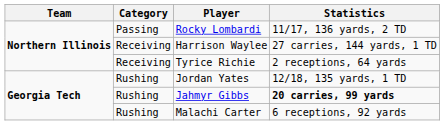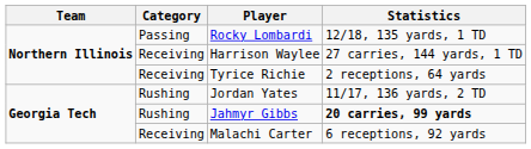 <table class="wikitable" style="float: right;">
 <tr>
 <th>Team</th>
 <th>Category</th>
 <th>Player</th>
 <th>Statistics</th>
 </tr>
 <tr>
 <td rowspan=3><strong>Northern Illinois</strong></td>
 <td>Passing</td>
 <td><a href='#'>Rocky Lombardi</a></td>
-<td>11/17, 136 yards, 2 TD</td>
+<td>12/18, 135 yards, 1 TD</td>
 </tr>
 <tr>
 <td>Receiving</td>
 <td>Harrison Waylee</td>
 <td>27 carries, 144 yards, 1 TD</td>
 </tr>
 <tr>
 <td>Receiving</td>
 <td>Tyrice Richie</td>
 <td>2 receptions, 64 yards</td>
 </tr>
 <tr>
 <td rowspan=3><strong>Georgia Tech</strong></td>
 <td>Rushing</td>
 <td>Jordan Yates</td>
-<td>12/18, 135 yards, 1 TD</td>
+<td>11/17, 136 yards, 2 TD</td>
 </tr>
 <tr>
 <td>Rushing</td>
 <td><a href='#'>Jahmyr Gibbs</a></td>
 <td><strong>20 carries, 99 yards</strong></td>
 </tr>
 <tr>
-<td>Rushing</td>
+<td>Receiving</td>
 <td>Malachi Carter</td>
 <td>6 receptions, 92 yards</td>
 </tr>
 </table>
